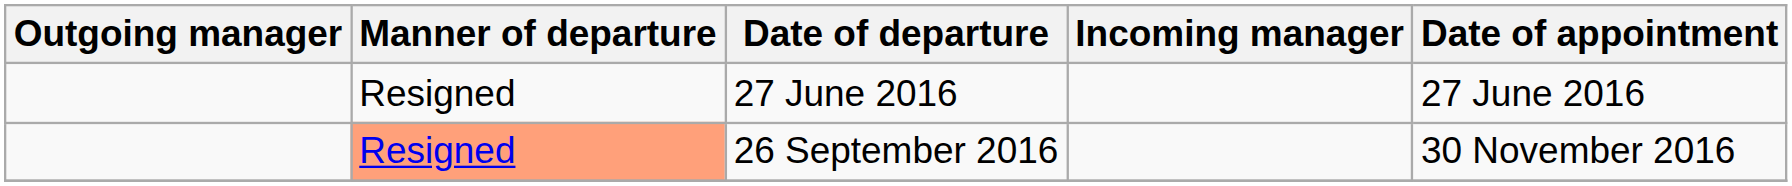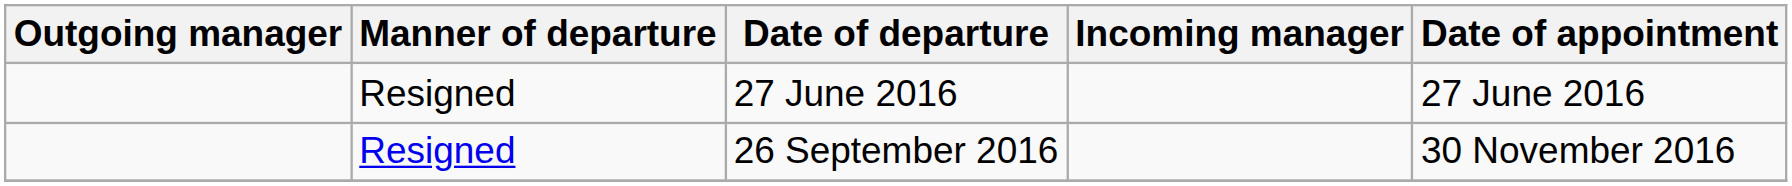 <table class="wikitable sortable">
 <tr>
 <th>Outgoing manager</th>
 <th>Manner of departure</th>
 <th>Date of departure</th>
 <th>Incoming manager</th>
 <th>Date of appointment</th>
 </tr>
 <tr>
 <td> </td>
 <td>Resigned</td>
 <td>27 June 2016</td>
 <td> </td>
 <td>27 June 2016</td>
 </tr>
 <tr>
 <td> </td>
-<td style="background: lightsalmon;"><a href='#'>Resigned</a></td>
+<td><a href='#'>Resigned</a></td>
 <td>26 September 2016</td>
 <td> </td>
 <td>30 November 2016</td>
 </tr>
 <tr>
 </tr>
 </table>
